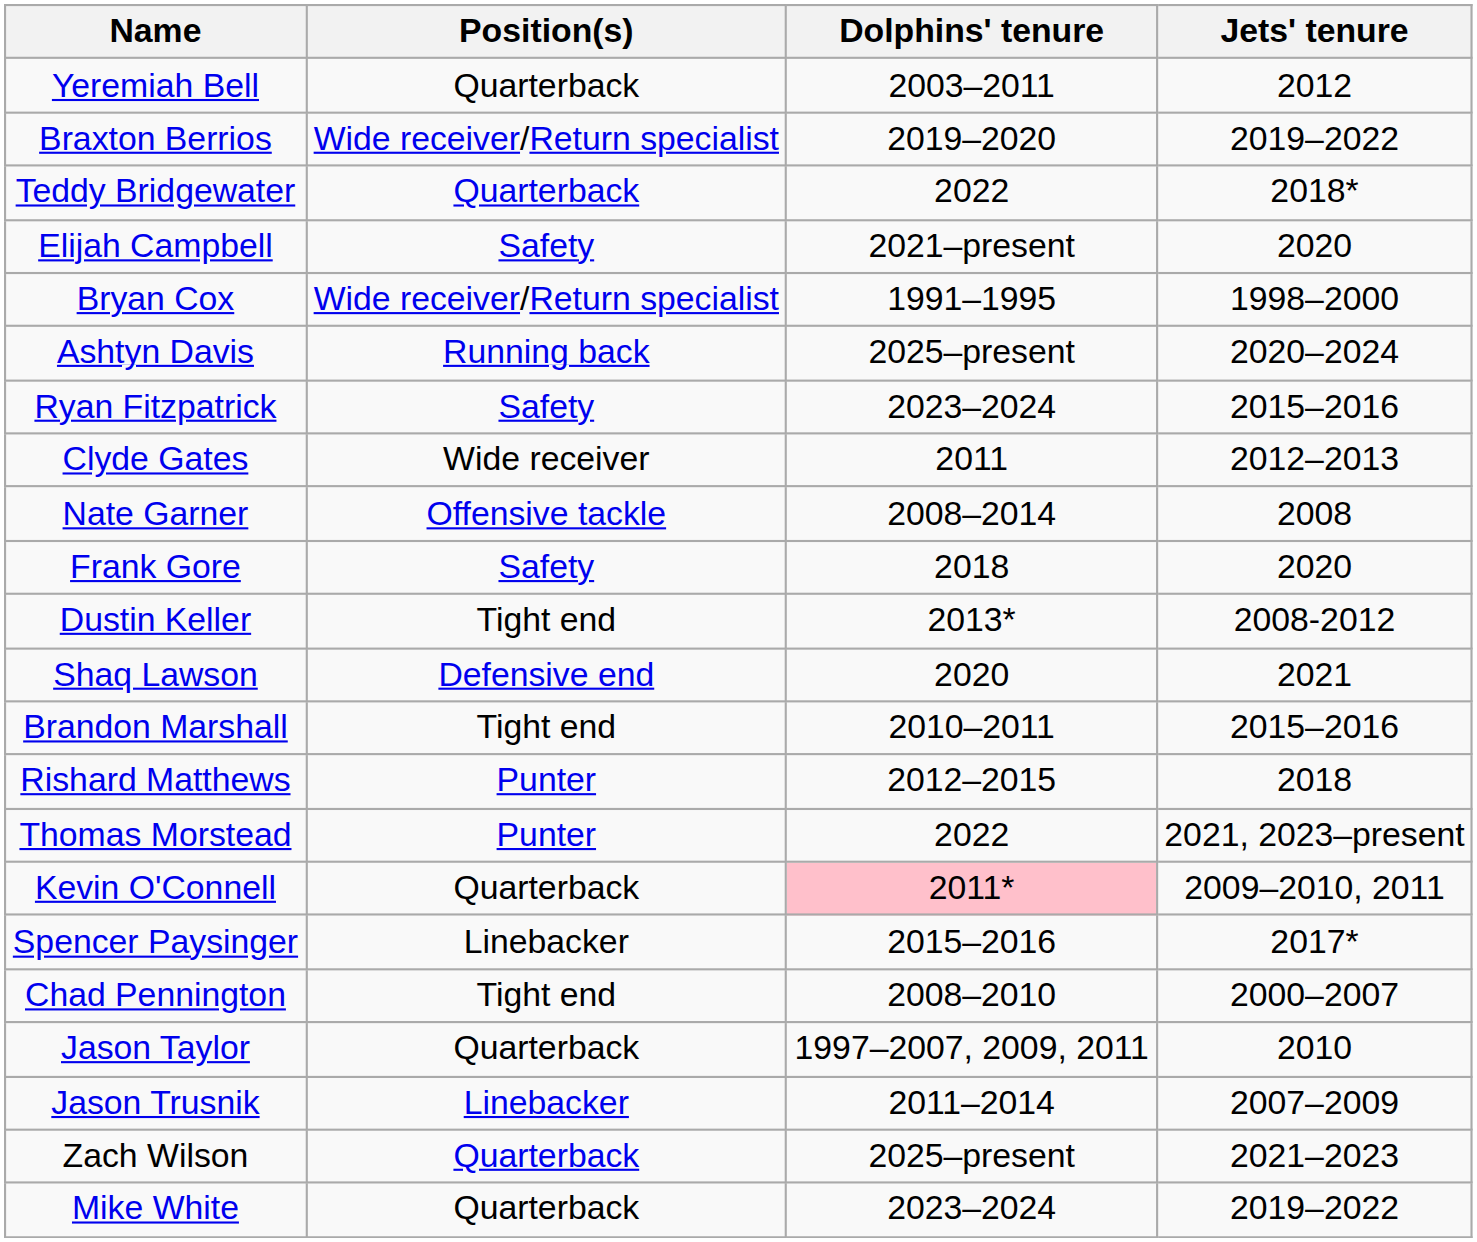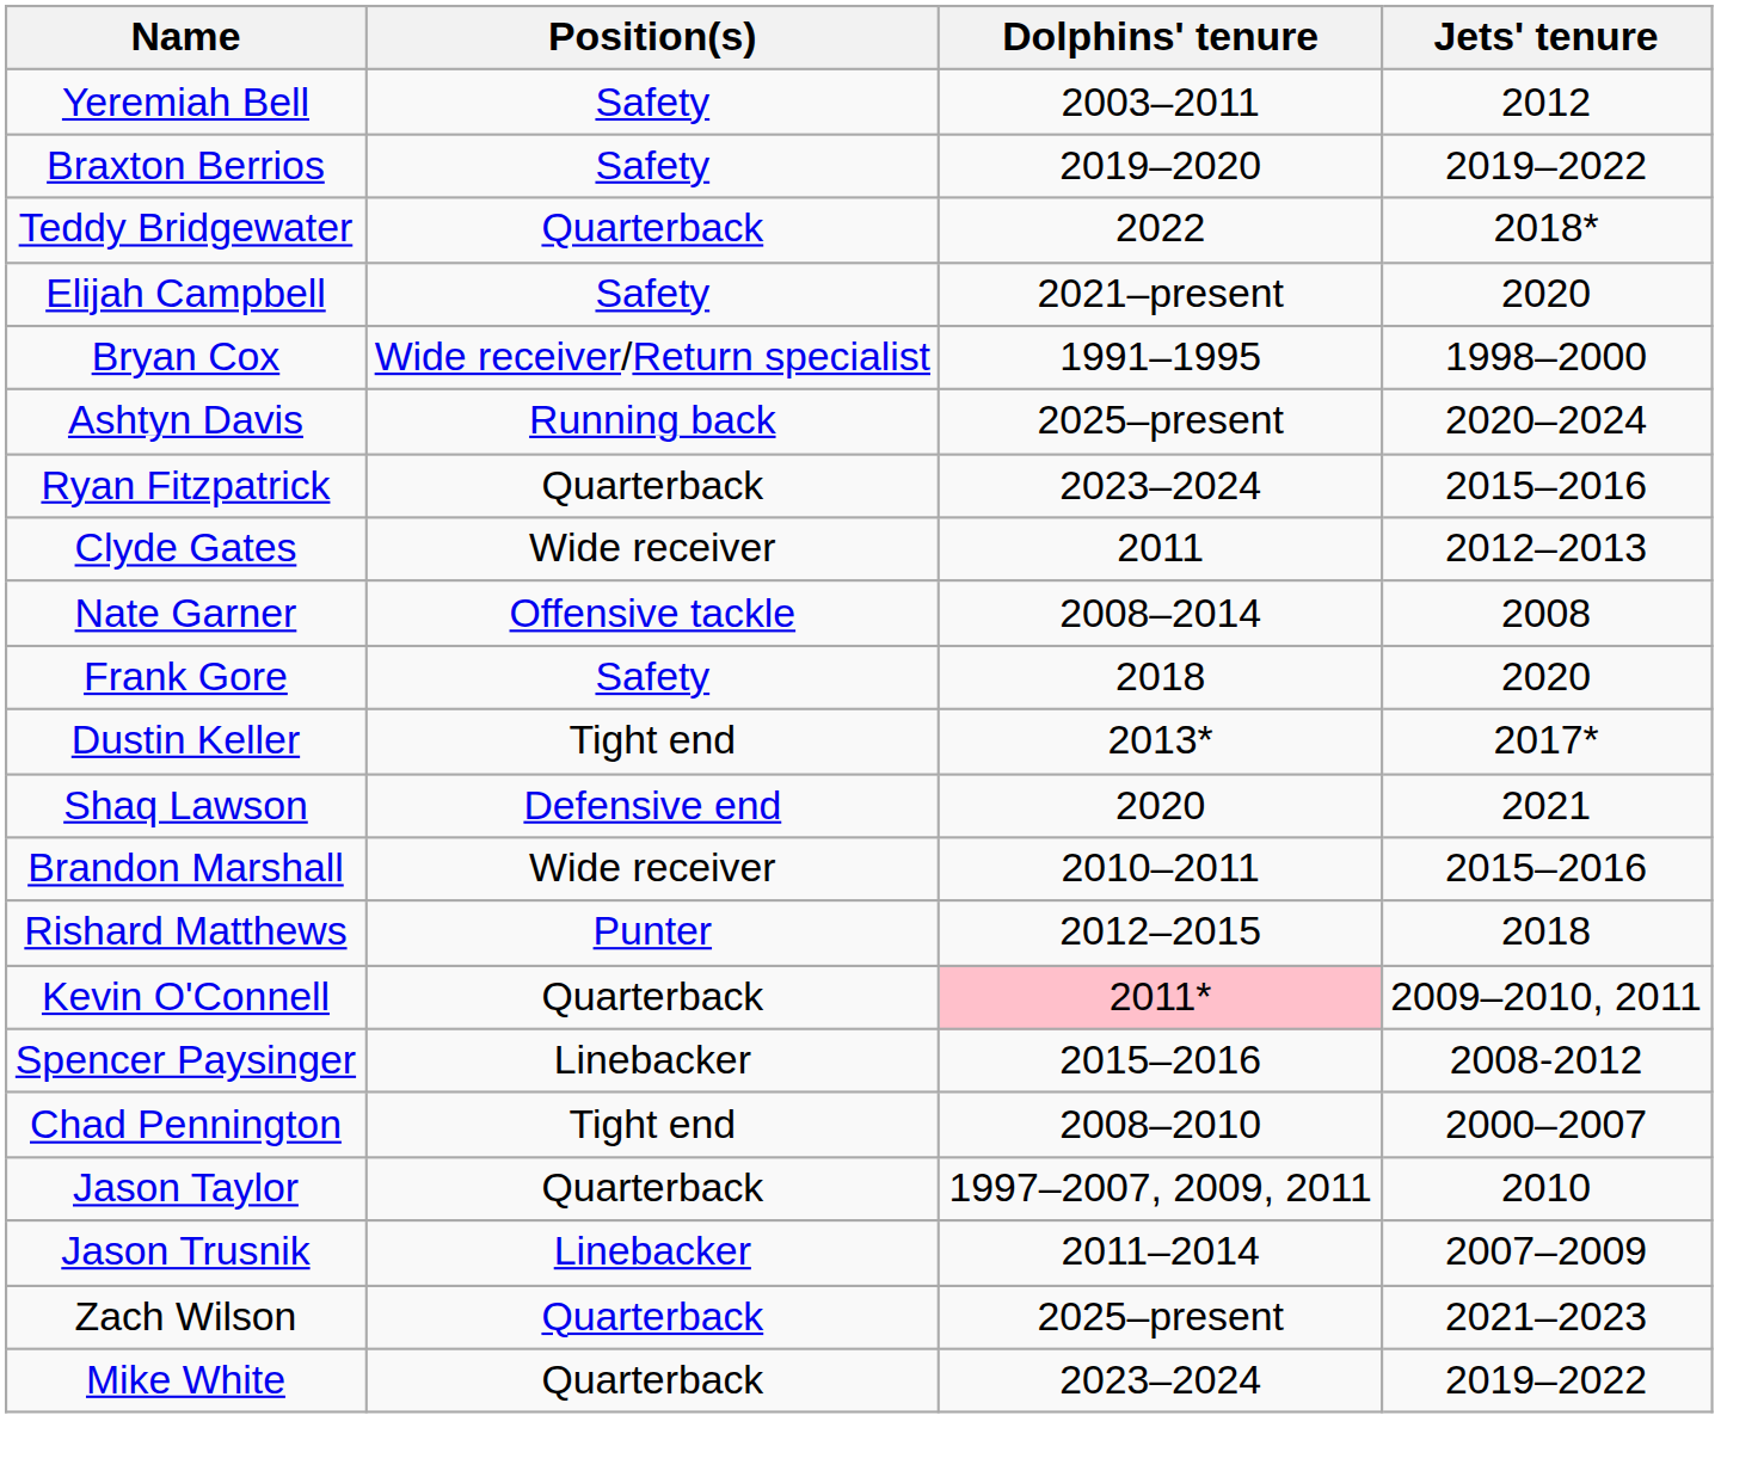 <table class="wikitable" style="text-align: center;">
 <tr>
 <th>Name</th>
 <th>Position(s)</th>
 <th>Dolphins' tenure</th>
 <th>Jets' tenure</th>
 </tr>
 <tr>
 <td><a href='#'>Yeremiah Bell</a></td>
-<td>Quarterback</td>
+<td><a href='#'>Safety</a></td>
 <td>2003–2011</td>
 <td>2012</td>
 </tr>
 <tr>
 <td><a href='#'>Braxton Berrios</a></td>
-<td><a href='#'>Wide receiver</a>/<a href='#'>Return specialist</a></td>
+<td><a href='#'>Safety</a></td>
 <td>2019–2020</td>
 <td>2019–2022</td>
 </tr>
 <tr>
 <td><a href='#'>Teddy Bridgewater</a></td>
 <td><a href='#'>Quarterback</a></td>
 <td>2022</td>
 <td>2018*</td>
 </tr>
 <tr>
 <td><a href='#'>Elijah Campbell</a></td>
 <td><a href='#'>Safety</a></td>
 <td>2021–present</td>
 <td>2020</td>
 </tr>
 <tr>
 <td><a href='#'>Bryan Cox</a></td>
 <td><a href='#'>Wide receiver</a>/<a href='#'>Return specialist</a></td>
 <td>1991–1995</td>
 <td>1998–2000</td>
 </tr>
 <tr>
 <td><a href='#'>Ashtyn Davis</a></td>
 <td><a href='#'>Running back</a></td>
 <td>2025–present</td>
 <td>2020–2024</td>
 </tr>
 <tr>
 <td><a href='#'>Ryan Fitzpatrick</a></td>
-<td><a href='#'>Safety</a></td>
+<td>Quarterback</td>
 <td>2023–2024</td>
 <td>2015–2016</td>
 </tr>
 <tr>
 <td><a href='#'>Clyde Gates</a></td>
 <td>Wide receiver</td>
 <td>2011</td>
 <td>2012–2013</td>
 </tr>
 <tr>
 <td><a href='#'>Nate Garner</a></td>
 <td><a href='#'>Offensive tackle</a></td>
 <td>2008–2014</td>
 <td>2008</td>
 </tr>
 <tr>
 <td><a href='#'>Frank Gore</a></td>
 <td><a href='#'>Safety</a></td>
 <td>2018</td>
 <td>2020</td>
 </tr>
 <tr>
 <td><a href='#'>Dustin Keller</a></td>
 <td>Tight end</td>
 <td>2013*</td>
-<td>2008-2012</td>
+<td>2017*</td>
 </tr>
 <tr>
 <td><a href='#'>Shaq Lawson</a></td>
 <td><a href='#'>Defensive end</a></td>
 <td>2020</td>
 <td>2021</td>
 </tr>
 <tr>
 <td><a href='#'>Brandon Marshall</a></td>
-<td>Tight end</td>
+<td>Wide receiver</td>
 <td>2010–2011</td>
 <td>2015–2016</td>
 </tr>
 <tr>
 <td><a href='#'>Rishard Matthews</a></td>
 <td><a href='#'>Punter</a></td>
 <td>2012–2015</td>
 <td>2018</td>
-</tr>
-<tr>
-<td><a href='#'>Thomas Morstead</a></td>
-<td><a href='#'>Punter</a></td>
-<td>2022</td>
-<td>2021, 2023–present</td>
 </tr>
 <tr>
 <td><a href='#'>Kevin O'Connell</a></td>
 <td>Quarterback</td>
 <td style="background: pink;">2011*</td>
 <td>2009–2010, 2011</td>
 </tr>
 <tr>
 <td><a href='#'>Spencer Paysinger</a></td>
 <td>Linebacker</td>
 <td>2015–2016</td>
-<td>2017*</td>
+<td>2008-2012</td>
 </tr>
 <tr>
 <td><a href='#'>Chad Pennington</a></td>
 <td>Tight end</td>
 <td>2008–2010</td>
 <td>2000–2007</td>
 </tr>
 <tr>
 <td><a href='#'>Jason Taylor</a></td>
 <td>Quarterback</td>
 <td>1997–2007, 2009, 2011</td>
 <td>2010</td>
 </tr>
 <tr>
 <td><a href='#'>Jason Trusnik</a></td>
 <td><a href='#'>Linebacker</a></td>
 <td>2011–2014</td>
 <td>2007–2009</td>
 </tr>
 <tr>
 <td>Zach Wilson</td>
 <td><a href='#'>Quarterback</a></td>
 <td>2025–present</td>
 <td>2021–2023</td>
 </tr>
 <tr>
 <td><a href='#'>Mike White</a></td>
 <td>Quarterback</td>
 <td>2023–2024</td>
 <td>2019–2022</td>
 </tr>
 </table>
